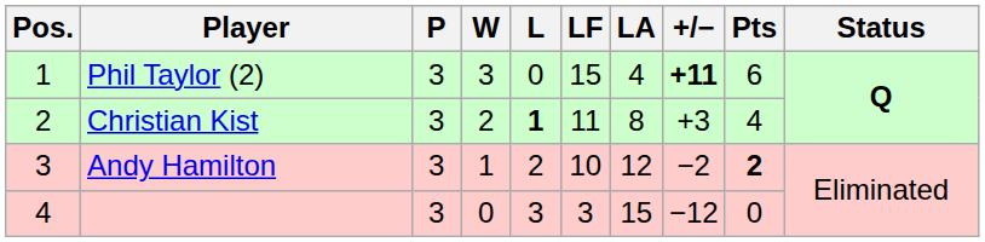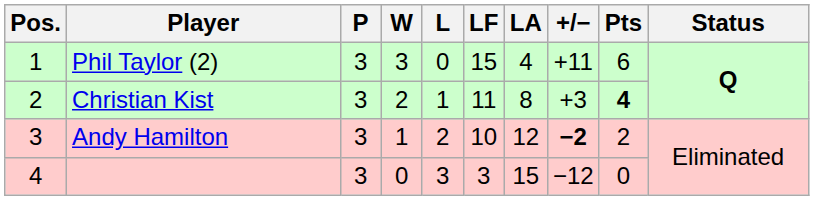 <table class="wikitable" style="text-align:center; margin: 1em auto 1em auto, align:left">
 <tr>
 <th width=20>Pos.</th>
 <th width=175>Player</th>
 <th width=20>P</th>
 <th width=20>W</th>
 <th width=20>L</th>
 <th width=20>LF</th>
 <th width=20>LA</th>
 <th width=20>+/−</th>
 <th width=20>Pts</th>
 <th width=100>Status</th>
 </tr>
 <tr style="background:#CCFFCC;">
 <td>1</td>
 <td style="text-align:left;"> <a href='#'>Phil Taylor</a> (2)</td>
 <td>3</td>
 <td>3</td>
 <td>0</td>
 <td>15</td>
 <td>4</td>
-<td><strong>+11</strong></td>
+<td>+11</td>
 <td>6</td>
 <td rowspan=2><strong>Q</strong></td>
 </tr>
 <tr style="background:#CCFFCC;">
 <td>2</td>
 <td style="text-align:left;"> <a href='#'>Christian Kist</a></td>
 <td>3</td>
 <td>2</td>
-<td><strong>1</strong></td>
+<td>1</td>
 <td>11</td>
 <td>8</td>
 <td>+3</td>
-<td>4</td>
+<td><strong>4</strong></td>
 </tr>
 <tr style="background:#FFCCCC;">
 <td>3</td>
 <td style="text-align:left;"> <a href='#'>Andy Hamilton</a></td>
 <td>3</td>
 <td>1</td>
 <td>2</td>
 <td>10</td>
 <td>12</td>
-<td>−2</td>
-<td><strong>2</strong></td>
+<td><strong>−2</strong></td>
+<td>2</td>
 <td rowspan=2>Eliminated</td>
 </tr>
 <tr style="background:#FFCCCC;">
 <td>4</td>
 <td style="text-align:left;"></td>
 <td>3</td>
 <td>0</td>
 <td>3</td>
 <td>3</td>
 <td>15</td>
 <td>−12</td>
 <td>0</td>
 </tr>
 </table>
